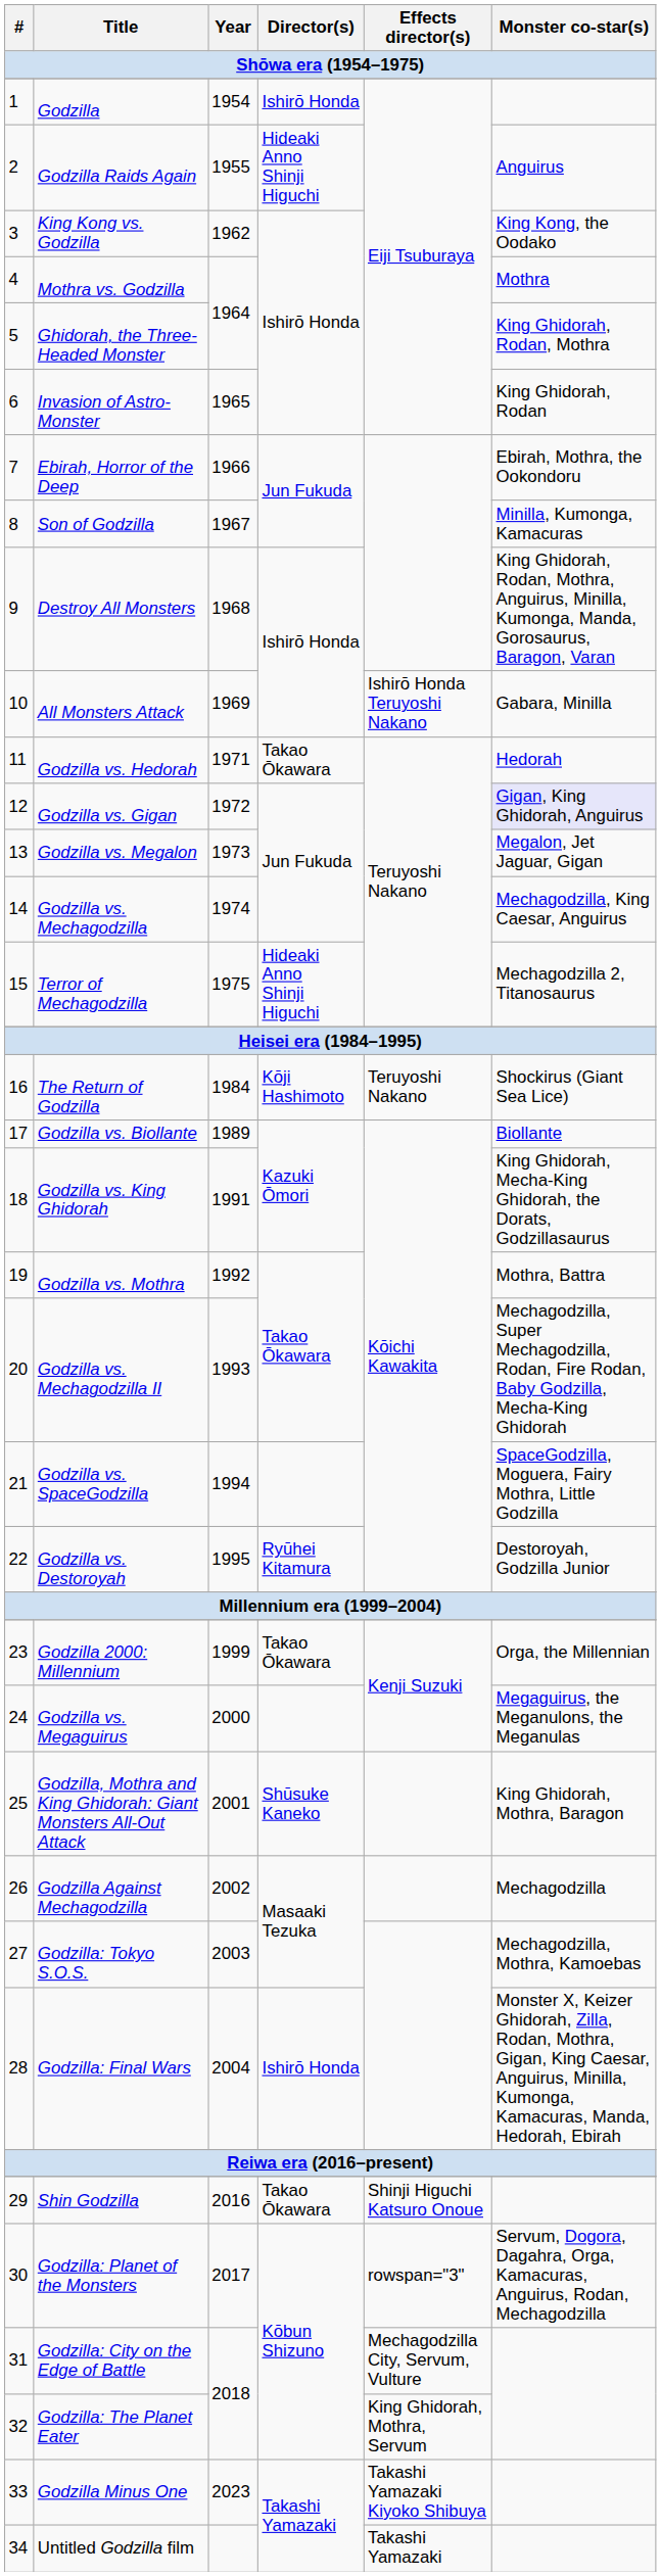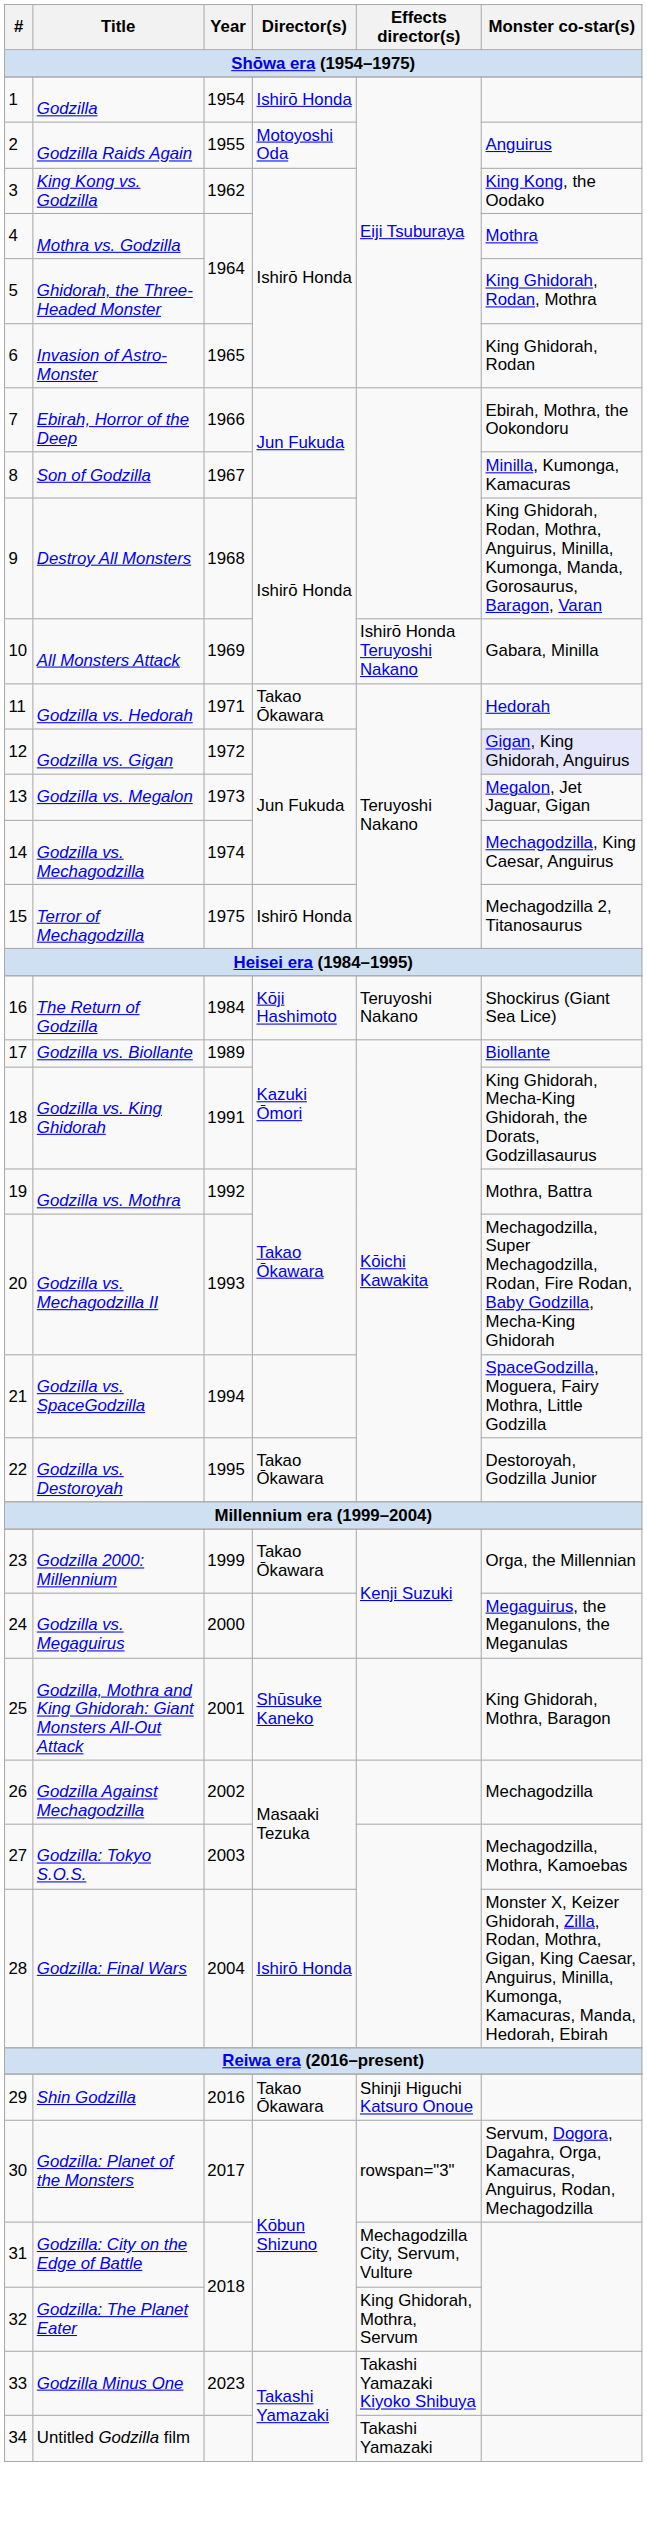 <table class="wikitable">
 <tr>
 <th style="width:25px">#</th>
 <th style="width:300px;">Title</th>
 <th style="width:50px;">Year</th>
 <th style="width:120px;">Director(s)</th>
 <th style="width:140px;">Effects director(s)</th>
 <th style="width:250px;">Monster co-star(s)</th>
 </tr>
 <tr>
 <th colspan="6" style="background-color:#CEE0F2;"><a href='#'>Shōwa era</a> (1954–1975)</th>
 </tr>
 <tr>
 </tr>
 <tr>
 <td>1</td>
 <td><br><em><a href='#'>Godzilla</a></em></td>
 <td>1954</td>
 <td><a href='#'>Ishirō Honda</a></td>
 <td rowspan="6"><a href='#'>Eiji Tsuburaya</a></td>
 <td></td>
 </tr>
 <tr>
 <td>2</td>
 <td><br><em><a href='#'>Godzilla Raids Again</a></em></td>
 <td>1955</td>
-<td><a href='#'>Hideaki Anno</a><br><a href='#'>Shinji Higuchi</a></td>
+<td><a href='#'>Motoyoshi Oda</a></td>
 <td><a href='#'>Anguirus</a></td>
 </tr>
 <tr>
 <td>3</td>
 <td><em><a href='#'>King Kong vs. Godzilla</a></em></td>
 <td>1962</td>
 <td rowspan="4">Ishirō Honda</td>
 <td><a href='#'>King Kong</a>, the Oodako</td>
 </tr>
 <tr>
 <td>4</td>
 <td><br><em><a href='#'>Mothra vs. Godzilla</a></em></td>
 <td rowspan="2">1964</td>
 <td><a href='#'>Mothra</a></td>
 </tr>
 <tr>
 <td>5</td>
 <td><br><em><a href='#'>Ghidorah, the Three-Headed Monster</a></em></td>
 <td><a href='#'>King Ghidorah</a>, <a href='#'>Rodan</a>, Mothra</td>
 </tr>
 <tr>
 <td>6</td>
 <td><br><em><a href='#'>Invasion of Astro-Monster</a></em></td>
 <td>1965</td>
 <td>King Ghidorah, Rodan</td>
 </tr>
 <tr>
 <td>7</td>
 <td><br><em><a href='#'>Ebirah, Horror of the Deep</a></em></td>
 <td>1966</td>
 <td rowspan="2"><a href='#'>Jun Fukuda</a></td>
 <td rowspan="3"></td>
 <td>Ebirah, Mothra, the Ookondoru</td>
 </tr>
 <tr>
 <td>8</td>
 <td><em><a href='#'>Son of Godzilla</a></em></td>
 <td>1967</td>
 <td><a href='#'>Minilla</a>, Kumonga, Kamacuras</td>
 </tr>
 <tr>
 <td>9</td>
 <td><em><a href='#'>Destroy All Monsters</a></em></td>
 <td>1968</td>
 <td rowspan="2">Ishirō Honda</td>
 <td>King Ghidorah, Rodan, Mothra, Anguirus, Minilla, Kumonga, Manda, Gorosaurus, <a href='#'>Baragon</a>, <a href='#'>Varan</a></td>
 </tr>
 <tr>
 <td>10</td>
 <td><br><em><a href='#'>All Monsters Attack</a></em></td>
 <td>1969</td>
 <td>Ishirō Honda<br><a href='#'>Teruyoshi Nakano</a></td>
 <td>Gabara, Minilla</td>
 </tr>
 <tr>
 <td>11</td>
 <td><br><em><a href='#'>Godzilla vs. Hedorah</a></em></td>
 <td>1971</td>
 <td>Takao Ōkawara</td>
 <td rowspan="5">Teruyoshi Nakano</td>
 <td><a href='#'>Hedorah</a></td>
 </tr>
 <tr>
 <td>12</td>
 <td><br><em><a href='#'>Godzilla vs. Gigan</a></em></td>
 <td>1972</td>
 <td rowspan="3">Jun Fukuda</td>
 <td style="background: lavender;"><a href='#'>Gigan</a>, King Ghidorah, Anguirus</td>
 </tr>
 <tr>
 <td>13</td>
 <td><em><a href='#'>Godzilla vs. Megalon</a></em></td>
 <td>1973</td>
 <td><a href='#'>Megalon</a>, Jet Jaguar, Gigan</td>
 </tr>
 <tr>
 <td>14</td>
 <td><br><em><a href='#'>Godzilla vs. Mechagodzilla</a></em></td>
 <td>1974</td>
 <td><a href='#'>Mechagodzilla</a>, King Caesar, Anguirus</td>
 </tr>
 <tr>
 <td>15</td>
 <td><br><em><a href='#'>Terror of Mechagodzilla</a></em></td>
 <td>1975</td>
-<td><a href='#'>Hideaki Anno</a><br><a href='#'>Shinji Higuchi</a></td>
+<td>Ishirō Honda</td>
 <td>Mechagodzilla 2, Titanosaurus</td>
 </tr>
 <tr>
 </tr>
 <tr>
 <th colspan="6" style="background-color:#CEE0F2;"><a href='#'>Heisei era</a> (1984–1995)</th>
 </tr>
 <tr>
 </tr>
 <tr>
 <td>16</td>
 <td><br><em><a href='#'>The Return of Godzilla</a></em></td>
 <td>1984</td>
 <td><a href='#'>Kōji Hashimoto</a></td>
 <td>Teruyoshi Nakano</td>
 <td>Shockirus (Giant Sea Lice)</td>
 </tr>
 <tr>
 <td>17</td>
 <td><em><a href='#'>Godzilla vs. Biollante</a></em></td>
 <td>1989</td>
 <td rowspan="2"><a href='#'>Kazuki Ōmori</a></td>
 <td rowspan="6"><a href='#'>Kōichi Kawakita</a></td>
 <td><a href='#'>Biollante</a></td>
 </tr>
 <tr>
 <td>18</td>
 <td><em><a href='#'>Godzilla vs. King Ghidorah</a></em></td>
 <td>1991</td>
 <td>King Ghidorah, Mecha-King Ghidorah, the Dorats, Godzillasaurus</td>
 </tr>
 <tr>
 <td>19</td>
 <td><br><em><a href='#'>Godzilla vs. Mothra</a></em></td>
 <td>1992</td>
 <td rowspan="2"><a href='#'>Takao Ōkawara</a></td>
 <td>Mothra, Battra</td>
 </tr>
 <tr>
 <td>20</td>
 <td><br><em><a href='#'>Godzilla vs. Mechagodzilla II</a></em></td>
 <td>1993</td>
 <td>Mechagodzilla, Super Mechagodzilla, Rodan, Fire Rodan, <a href='#'>Baby Godzilla</a>, Mecha-King Ghidorah</td>
 </tr>
 <tr>
 <td>21</td>
 <td><em><a href='#'>Godzilla vs. SpaceGodzilla</a></em></td>
 <td>1994</td>
 <td></td>
 <td><a href='#'>SpaceGodzilla</a>, Moguera, Fairy Mothra, Little Godzilla</td>
 </tr>
 <tr>
 <td>22</td>
 <td><br><em><a href='#'>Godzilla vs. Destoroyah</a></em></td>
 <td>1995</td>
-<td><a href='#'>Ryūhei Kitamura</a></td>
+<td>Takao Ōkawara</td>
 <td>Destoroyah, Godzilla Junior</td>
 </tr>
 <tr>
 </tr>
 <tr>
 <th colspan="6" style="background-color:#CEE0F2;">Millennium era (1999–2004)</th>
 </tr>
 <tr>
 </tr>
 <tr>
 <td>23</td>
 <td><br><em><a href='#'>Godzilla 2000: Millennium</a></em></td>
 <td>1999</td>
 <td>Takao Ōkawara</td>
 <td rowspan="2"><a href='#'>Kenji Suzuki</a></td>
 <td>Orga, the Millennian</td>
 </tr>
 <tr>
 <td>24</td>
 <td><br><em><a href='#'>Godzilla vs. Megaguirus</a></em></td>
 <td>2000</td>
 <td></td>
 <td><a href='#'>Megaguirus</a>, the Meganulons, the Meganulas</td>
 </tr>
 <tr>
 <td>25</td>
 <td><br><em><a href='#'>Godzilla, Mothra and King Ghidorah: Giant Monsters All-Out Attack</a></em></td>
 <td>2001</td>
 <td><a href='#'>Shūsuke Kaneko</a></td>
 <td></td>
 <td>King Ghidorah, Mothra, Baragon</td>
 </tr>
 <tr>
 <td>26</td>
 <td><br><em><a href='#'>Godzilla Against Mechagodzilla</a></em></td>
 <td>2002</td>
 <td rowspan="2">Masaaki Tezuka</td>
 <td></td>
 <td>Mechagodzilla</td>
 </tr>
 <tr>
 <td>27</td>
 <td><br><em><a href='#'>Godzilla: Tokyo S.O.S.</a></em></td>
 <td>2003</td>
 <td rowspan="2"></td>
 <td>Mechagodzilla, Mothra, Kamoebas</td>
 </tr>
 <tr>
 <td>28</td>
 <td><em><a href='#'>Godzilla: Final Wars</a></em></td>
 <td>2004</td>
 <td><a href='#'>Ishirō Honda</a></td>
 <td>Monster X, Keizer Ghidorah, <a href='#'>Zilla</a>, Rodan, Mothra, Gigan, King Caesar, Anguirus, Minilla, Kumonga, Kamacuras, Manda, Hedorah, Ebirah</td>
 </tr>
 <tr>
 </tr>
 <tr>
 <th colspan="6" style="background-color:#CEE0F2;"><a href='#'>Reiwa era</a> (2016–present)</th>
 </tr>
 <tr>
 </tr>
 <tr>
 <td>29</td>
 <td><em><a href='#'>Shin Godzilla</a></em></td>
 <td>2016</td>
 <td>Takao Ōkawara</td>
 <td>Shinji Higuchi<br><a href='#'>Katsuro Onoue</a></td>
 <td></td>
 </tr>
 <tr>
 <td>30</td>
 <td><em><a href='#'>Godzilla: Planet of the Monsters</a></em></td>
 <td>2017</td>
 <td rowspan="3"><a href='#'>Kōbun Shizuno</a><br></td>
 <td>rowspan="3" </td>
 <td>Servum, <a href='#'>Dogora</a>, Dagahra, Orga, Kamacuras, Anguirus, Rodan, Mechagodzilla</td>
 </tr>
 <tr>
 <td>31</td>
 <td><em><a href='#'>Godzilla: City on the Edge of Battle</a></em></td>
 <td rowspan="2">2018</td>
 <td>Mechagodzilla City, Servum, Vulture</td>
 </tr>
 <tr>
 <td>32</td>
 <td><em><a href='#'>Godzilla: The Planet Eater</a></em></td>
 <td>King Ghidorah, Mothra, Servum</td>
 </tr>
 <tr>
 <td>33</td>
 <td><em><a href='#'>Godzilla Minus One</a></em></td>
 <td>2023</td>
 <td rowspan="2"><a href='#'>Takashi Yamazaki</a></td>
 <td>Takashi Yamazaki<br><a href='#'>Kiyoko Shibuya</a></td>
 <td></td>
 </tr>
 <tr>
 <td>34</td>
 <td>Untitled <em>Godzilla</em> film</td>
 <td></td>
 <td>Takashi Yamazaki</td>
 <td></td>
 </tr>
 </table>
